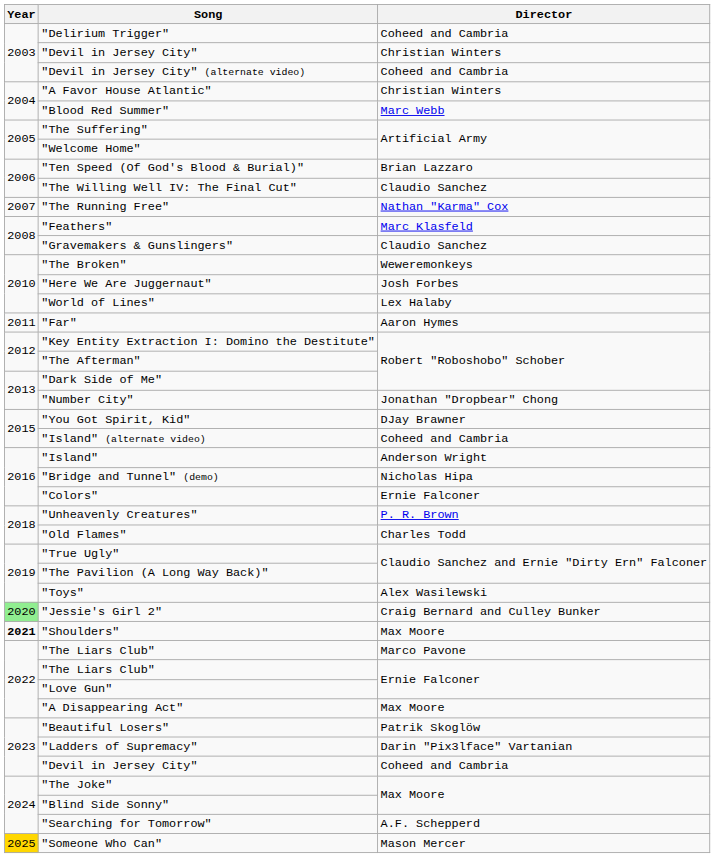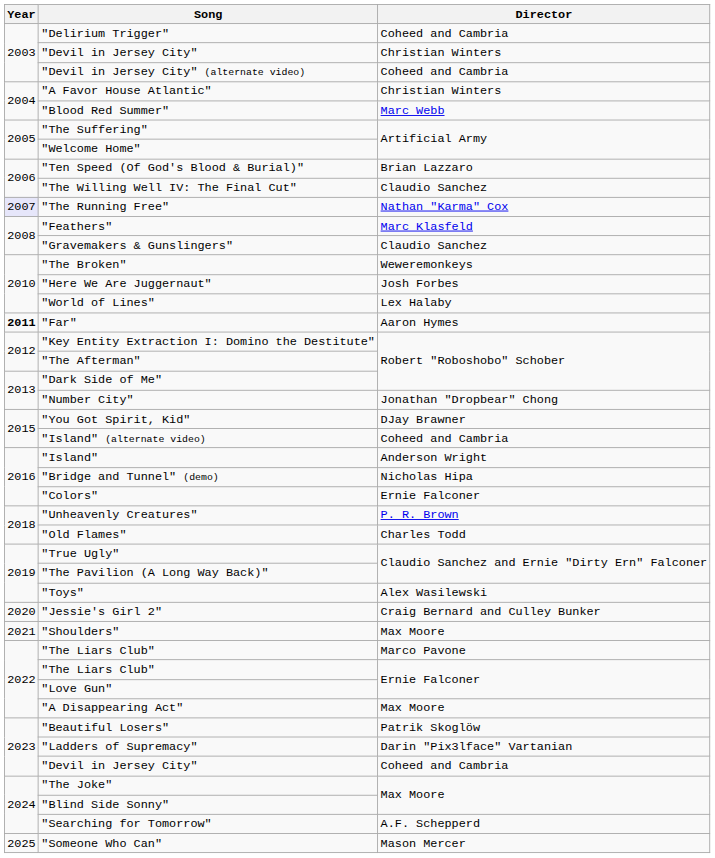 <table class="wikitable">
 <tr>
 <th>Year</th>
 <th>Song</th>
 <th>Director</th>
 </tr>
 <tr>
 <td rowspan="3">2003</td>
 <td>"Delirium Trigger"</td>
 <td>Coheed and Cambria</td>
 </tr>
 <tr>
 <td>"Devil in Jersey City"</td>
 <td>Christian Winters</td>
 </tr>
 <tr>
 <td>"Devil in Jersey City" <small>(alternate video)</small></td>
 <td>Coheed and Cambria</td>
 </tr>
 <tr>
 <td rowspan="2">2004</td>
 <td>"A Favor House Atlantic"</td>
 <td>Christian Winters</td>
 </tr>
 <tr>
 <td>"Blood Red Summer"</td>
 <td><a href='#'>Marc Webb</a></td>
 </tr>
 <tr>
 <td rowspan="2">2005</td>
 <td>"The Suffering"</td>
 <td rowspan="2">Artificial Army</td>
 </tr>
 <tr>
 <td>"Welcome Home"</td>
 </tr>
 <tr>
 <td rowspan="2">2006</td>
 <td>"Ten Speed (Of God's Blood & Burial)"</td>
 <td>Brian Lazzaro</td>
 </tr>
 <tr>
 <td>"The Willing Well IV: The Final Cut"</td>
 <td>Claudio Sanchez</td>
 </tr>
 <tr>
-<td>2007</td>
+<td style="background: lavender;">2007</td>
 <td>"The Running Free"</td>
 <td><a href='#'>Nathan "Karma" Cox</a></td>
 </tr>
 <tr>
 <td rowspan="2">2008</td>
 <td>"Feathers"</td>
 <td><a href='#'>Marc Klasfeld</a></td>
 </tr>
 <tr>
 <td>"Gravemakers & Gunslingers"</td>
 <td>Claudio Sanchez</td>
 </tr>
 <tr>
 <td rowspan="3">2010</td>
 <td>"The Broken"</td>
 <td>Weweremonkeys</td>
 </tr>
 <tr>
 <td>"Here We Are Juggernaut"</td>
 <td>Josh Forbes</td>
 </tr>
 <tr>
 <td>"World of Lines"</td>
 <td>Lex Halaby</td>
 </tr>
 <tr>
-<td>2011</td>
+<td><strong>2011</strong></td>
 <td>"Far"</td>
 <td>Aaron Hymes</td>
 </tr>
 <tr>
 <td rowspan="2">2012</td>
 <td>"Key Entity Extraction I: Domino the Destitute"</td>
 <td rowspan="3">Robert "Roboshobo" Schober</td>
 </tr>
 <tr>
 <td>"The Afterman"</td>
 </tr>
 <tr>
 <td rowspan="2">2013</td>
 <td>"Dark Side of Me"</td>
 </tr>
 <tr>
 <td>"Number City"</td>
 <td>Jonathan "Dropbear" Chong</td>
 </tr>
 <tr>
 <td rowspan="2">2015</td>
 <td>"You Got Spirit, Kid"</td>
 <td>DJay Brawner</td>
 </tr>
 <tr>
 <td>"Island" <small>(alternate video)</small></td>
 <td>Coheed and Cambria</td>
 </tr>
 <tr>
 <td rowspan="3">2016</td>
 <td>"Island"</td>
 <td>Anderson Wright</td>
 </tr>
 <tr>
 <td>"Bridge and Tunnel" <small>(demo)</small></td>
 <td>Nicholas Hipa</td>
 </tr>
 <tr>
 <td>"Colors"</td>
 <td>Ernie Falconer</td>
 </tr>
 <tr>
 <td rowspan="2">2018</td>
 <td>"Unheavenly Creatures"</td>
 <td><a href='#'>P. R. Brown</a></td>
 </tr>
 <tr>
 <td>"Old Flames"</td>
 <td>Charles Todd</td>
 </tr>
 <tr>
 <td rowspan="3">2019</td>
 <td>"True Ugly"</td>
 <td rowspan="2">Claudio Sanchez and Ernie "Dirty Ern" Falconer</td>
 </tr>
 <tr>
 <td>"The Pavilion (A Long Way Back)"</td>
 </tr>
 <tr>
 <td>"Toys"</td>
 <td>Alex Wasilewski</td>
 </tr>
 <tr>
-<td style="background: lightgreen;">2020</td>
+<td>2020</td>
 <td>"Jessie's Girl 2" </td>
 <td>Craig Bernard and Culley Bunker</td>
 </tr>
 <tr>
-<td><strong>2021</strong></td>
+<td>2021</td>
 <td>"Shoulders"</td>
 <td>Max Moore</td>
 </tr>
 <tr>
 <td rowspan="4">2022</td>
 <td>"The Liars Club"</td>
 <td>Marco Pavone</td>
 </tr>
 <tr>
 <td>"The Liars Club" </td>
 <td rowspan="2">Ernie Falconer</td>
 </tr>
 <tr>
 <td>"Love Gun" </td>
 </tr>
 <tr>
 <td>"A Disappearing Act"</td>
 <td>Max Moore</td>
 </tr>
 <tr>
 <td rowspan="3">2023</td>
 <td>"Beautiful Losers"</td>
 <td>Patrik Skoglöw</td>
 </tr>
 <tr>
 <td>"Ladders of Supremacy"</td>
 <td>Darin "Pix3lface" Vartanian</td>
 </tr>
 <tr>
 <td>"Devil in Jersey City" </td>
 <td>Coheed and Cambria</td>
 </tr>
 <tr>
 <td rowspan="3">2024</td>
 <td>"The Joke"</td>
 <td rowspan="2">Max Moore</td>
 </tr>
 <tr>
 <td>"Blind Side Sonny"</td>
 </tr>
 <tr>
 <td>"Searching for Tomorrow"</td>
 <td>A.F. Schepperd</td>
 </tr>
 <tr>
-<td style="background: gold;">2025</td>
+<td>2025</td>
 <td>"Someone Who Can"</td>
 <td>Mason Mercer</td>
 </tr>
 </table>
